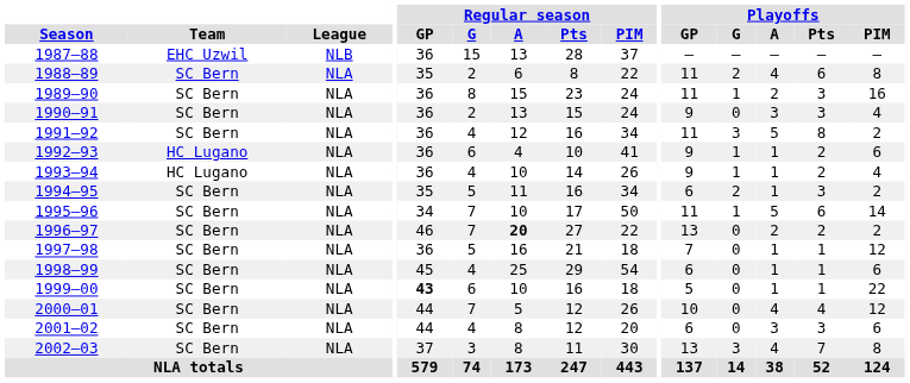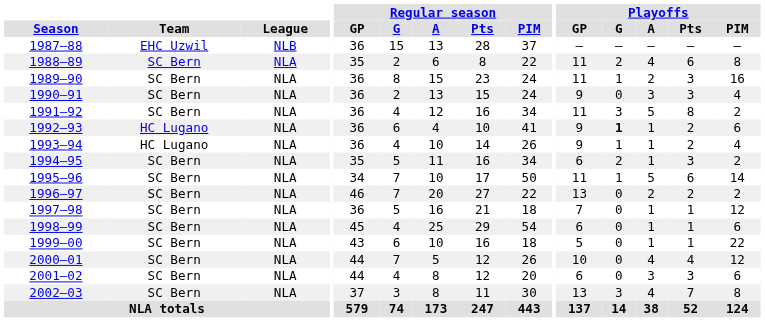 <table border="0" cellpadding="1" cellspacing="0" style="text-align:center; width:60em">
 <tr bgcolor="#e0e0e0">
 <th colspan="3" bgcolor="#ffffff"></th>
 <th rowspan="99" bgcolor="#ffffff"></th>
 <th colspan="5"><a href='#'>Regular season</a></th>
 <th rowspan="99" bgcolor="#ffffff"></th>
 <th colspan="5"><a href='#'>Playoffs</a></th>
 </tr>
 <tr bgcolor="#e0e0e0">
 <th><a href='#'>Season</a></th>
 <th>Team</th>
 <th>League</th>
 <th>GP</th>
 <th><a href='#'>G</a></th>
 <th><a href='#'>A</a></th>
 <th><a href='#'>Pts</a></th>
 <th><a href='#'>PIM</a></th>
 <th>GP</th>
 <th>G</th>
 <th>A</th>
 <th>Pts</th>
 <th>PIM</th>
 </tr>
 <tr>
 <td><a href='#'>1987–88</a></td>
 <td><a href='#'>EHC Uzwil</a></td>
 <td><a href='#'>NLB</a></td>
 <td>36</td>
 <td>15</td>
 <td>13</td>
 <td>28</td>
 <td>37</td>
 <td>—</td>
 <td>—</td>
 <td>—</td>
 <td>—</td>
 <td>—</td>
 </tr>
 <tr bgcolor="#f0f0f0">
 <td><a href='#'>1988–89</a></td>
 <td><a href='#'>SC Bern</a></td>
 <td><a href='#'>NLA</a></td>
 <td>35</td>
 <td>2</td>
 <td>6</td>
 <td>8</td>
 <td>22</td>
 <td>11</td>
 <td>2</td>
 <td>4</td>
 <td>6</td>
 <td>8</td>
 </tr>
 <tr>
 <td><a href='#'>1989–90</a></td>
 <td>SC Bern</td>
 <td>NLA</td>
 <td>36</td>
 <td>8</td>
 <td>15</td>
 <td>23</td>
 <td>24</td>
 <td>11</td>
 <td>1</td>
 <td>2</td>
 <td>3</td>
 <td>16</td>
 </tr>
 <tr bgcolor="#f0f0f0">
 <td><a href='#'>1990–91</a></td>
 <td>SC Bern</td>
 <td>NLA</td>
 <td>36</td>
 <td>2</td>
 <td>13</td>
 <td>15</td>
 <td>24</td>
 <td>9</td>
 <td>0</td>
 <td>3</td>
 <td>3</td>
 <td>4</td>
 </tr>
 <tr>
 <td><a href='#'>1991–92</a></td>
 <td>SC Bern</td>
 <td>NLA</td>
 <td>36</td>
 <td>4</td>
 <td>12</td>
 <td>16</td>
 <td>34</td>
 <td>11</td>
 <td>3</td>
 <td>5</td>
 <td>8</td>
 <td>2</td>
 </tr>
 <tr bgcolor="#f0f0f0">
 <td><a href='#'>1992–93</a></td>
 <td><a href='#'>HC Lugano</a></td>
 <td>NLA</td>
 <td>36</td>
 <td>6</td>
 <td>4</td>
 <td>10</td>
 <td>41</td>
 <td>9</td>
-<td>1</td>
+<td><strong>1</strong></td>
 <td>1</td>
 <td>2</td>
 <td>6</td>
 </tr>
 <tr>
 <td><a href='#'>1993–94</a></td>
 <td>HC Lugano</td>
 <td>NLA</td>
 <td>36</td>
 <td>4</td>
 <td>10</td>
 <td>14</td>
 <td>26</td>
 <td>9</td>
 <td>1</td>
 <td>1</td>
 <td>2</td>
 <td>4</td>
 </tr>
 <tr bgcolor="#f0f0f0">
 <td><a href='#'>1994–95</a></td>
 <td>SC Bern</td>
 <td>NLA</td>
 <td>35</td>
 <td>5</td>
 <td>11</td>
 <td>16</td>
 <td>34</td>
 <td>6</td>
 <td>2</td>
 <td>1</td>
 <td>3</td>
 <td>2</td>
 </tr>
 <tr>
 <td><a href='#'>1995–96</a></td>
 <td>SC Bern</td>
 <td>NLA</td>
 <td>34</td>
 <td>7</td>
 <td>10</td>
 <td>17</td>
 <td>50</td>
 <td>11</td>
 <td>1</td>
 <td>5</td>
 <td>6</td>
 <td>14</td>
 </tr>
 <tr bgcolor="#f0f0f0">
 <td><a href='#'>1996–97</a></td>
 <td>SC Bern</td>
 <td>NLA</td>
 <td>46</td>
 <td>7</td>
-<td><strong>20</strong></td>
+<td>20</td>
 <td>27</td>
 <td>22</td>
 <td>13</td>
 <td>0</td>
 <td>2</td>
 <td>2</td>
 <td>2</td>
 </tr>
 <tr>
 <td><a href='#'>1997–98</a></td>
 <td>SC Bern</td>
 <td>NLA</td>
 <td>36</td>
 <td>5</td>
 <td>16</td>
 <td>21</td>
 <td>18</td>
 <td>7</td>
 <td>0</td>
 <td>1</td>
 <td>1</td>
 <td>12</td>
 </tr>
 <tr bgcolor="#f0f0f0">
 <td><a href='#'>1998–99</a></td>
 <td>SC Bern</td>
 <td>NLA</td>
 <td>45</td>
 <td>4</td>
 <td>25</td>
 <td>29</td>
 <td>54</td>
 <td>6</td>
 <td>0</td>
 <td>1</td>
 <td>1</td>
 <td>6</td>
 </tr>
 <tr>
 <td><a href='#'>1999–00</a></td>
 <td>SC Bern</td>
 <td>NLA</td>
-<td><strong>43</strong></td>
+<td>43</td>
 <td>6</td>
 <td>10</td>
 <td>16</td>
 <td>18</td>
 <td>5</td>
 <td>0</td>
 <td>1</td>
 <td>1</td>
 <td>22</td>
 </tr>
 <tr bgcolor="#f0f0f0">
 <td><a href='#'>2000–01</a></td>
 <td>SC Bern</td>
 <td>NLA</td>
 <td>44</td>
 <td>7</td>
 <td>5</td>
 <td>12</td>
 <td>26</td>
 <td>10</td>
 <td>0</td>
 <td>4</td>
 <td>4</td>
 <td>12</td>
 </tr>
 <tr>
 <td><a href='#'>2001–02</a></td>
 <td>SC Bern</td>
 <td>NLA</td>
 <td>44</td>
 <td>4</td>
 <td>8</td>
 <td>12</td>
 <td>20</td>
 <td>6</td>
 <td>0</td>
 <td>3</td>
 <td>3</td>
 <td>6</td>
 </tr>
 <tr bgcolor="#f0f0f0">
 <td><a href='#'>2002–03</a></td>
 <td>SC Bern</td>
 <td>NLA</td>
 <td>37</td>
 <td>3</td>
 <td>8</td>
 <td>11</td>
 <td>30</td>
 <td>13</td>
 <td>3</td>
 <td>4</td>
 <td>7</td>
 <td>8</td>
 </tr>
 <tr>
 </tr>
 <tr ALIGN="center" bgcolor="#e0e0e0">
 <th colspan="3">NLA totals</th>
 <th ALIGN="center">579</th>
 <th ALIGN="center">74</th>
 <th ALIGN="center">173</th>
 <th ALIGN="center">247</th>
 <th ALIGN="center">443</th>
 <th ALIGN="center">137</th>
 <th ALIGN="center">14</th>
 <th ALIGN="center">38</th>
 <th ALIGN="center">52</th>
 <th ALIGN="center">124</th>
 </tr>
 </table>
